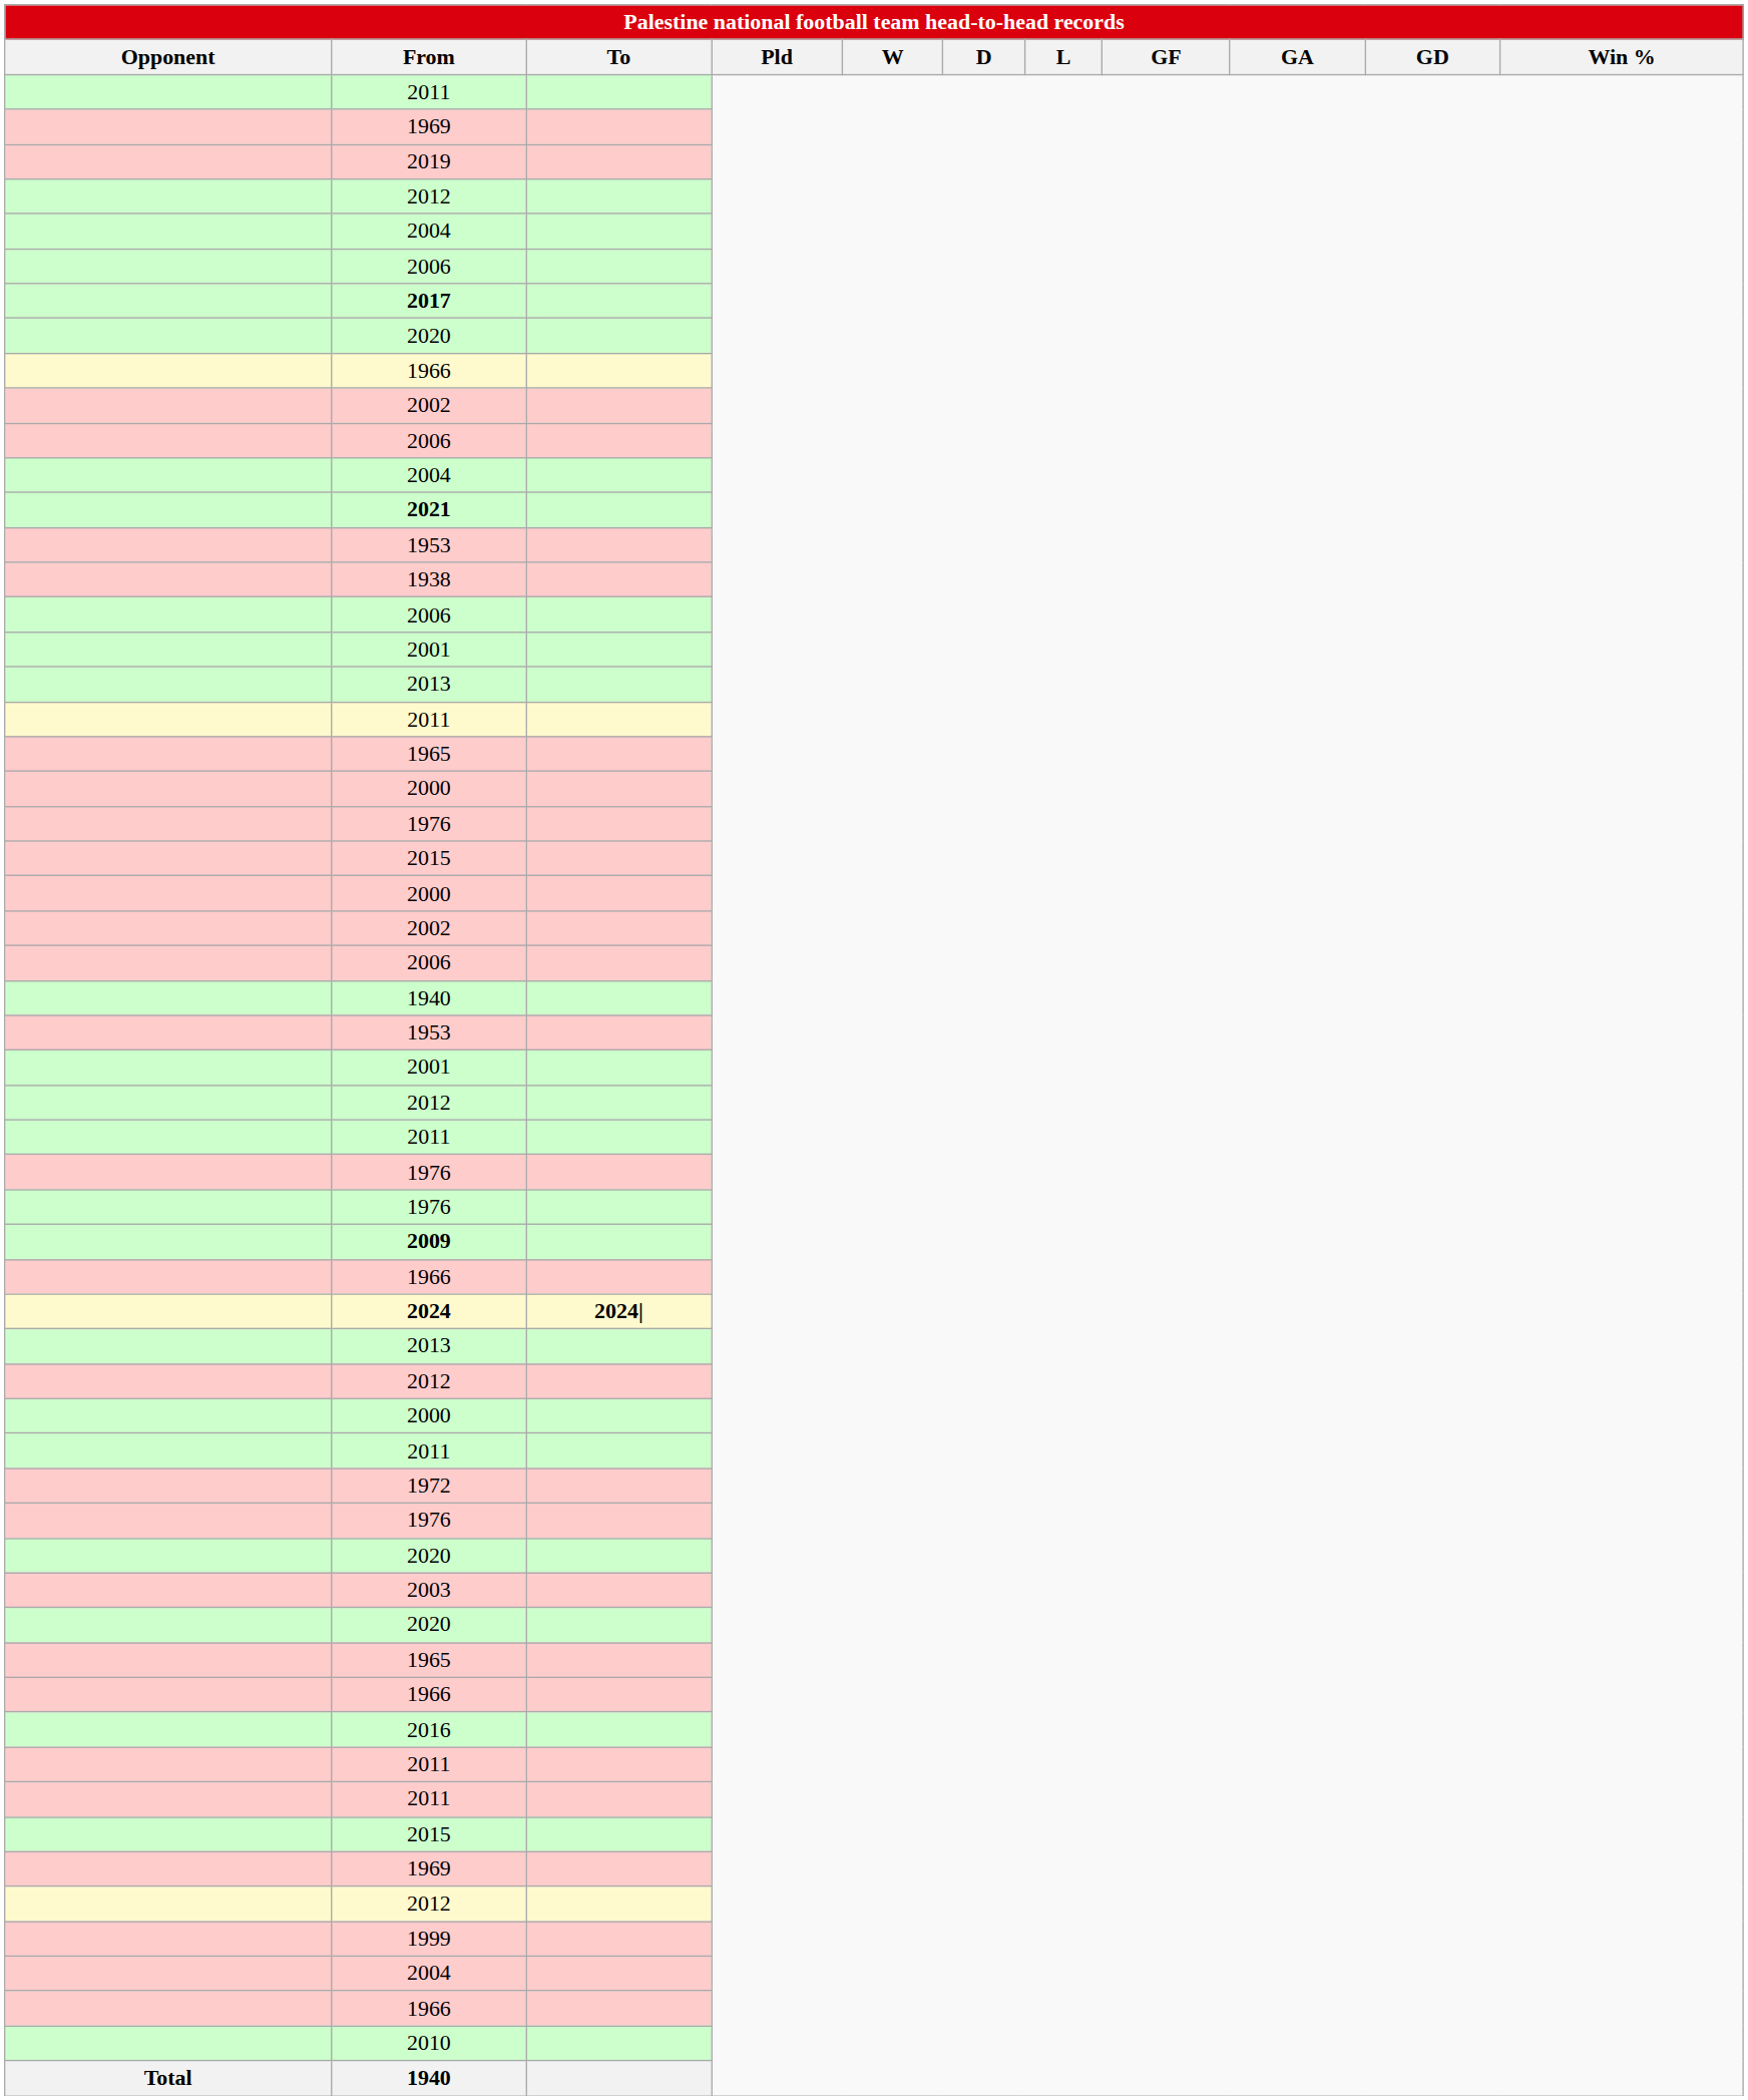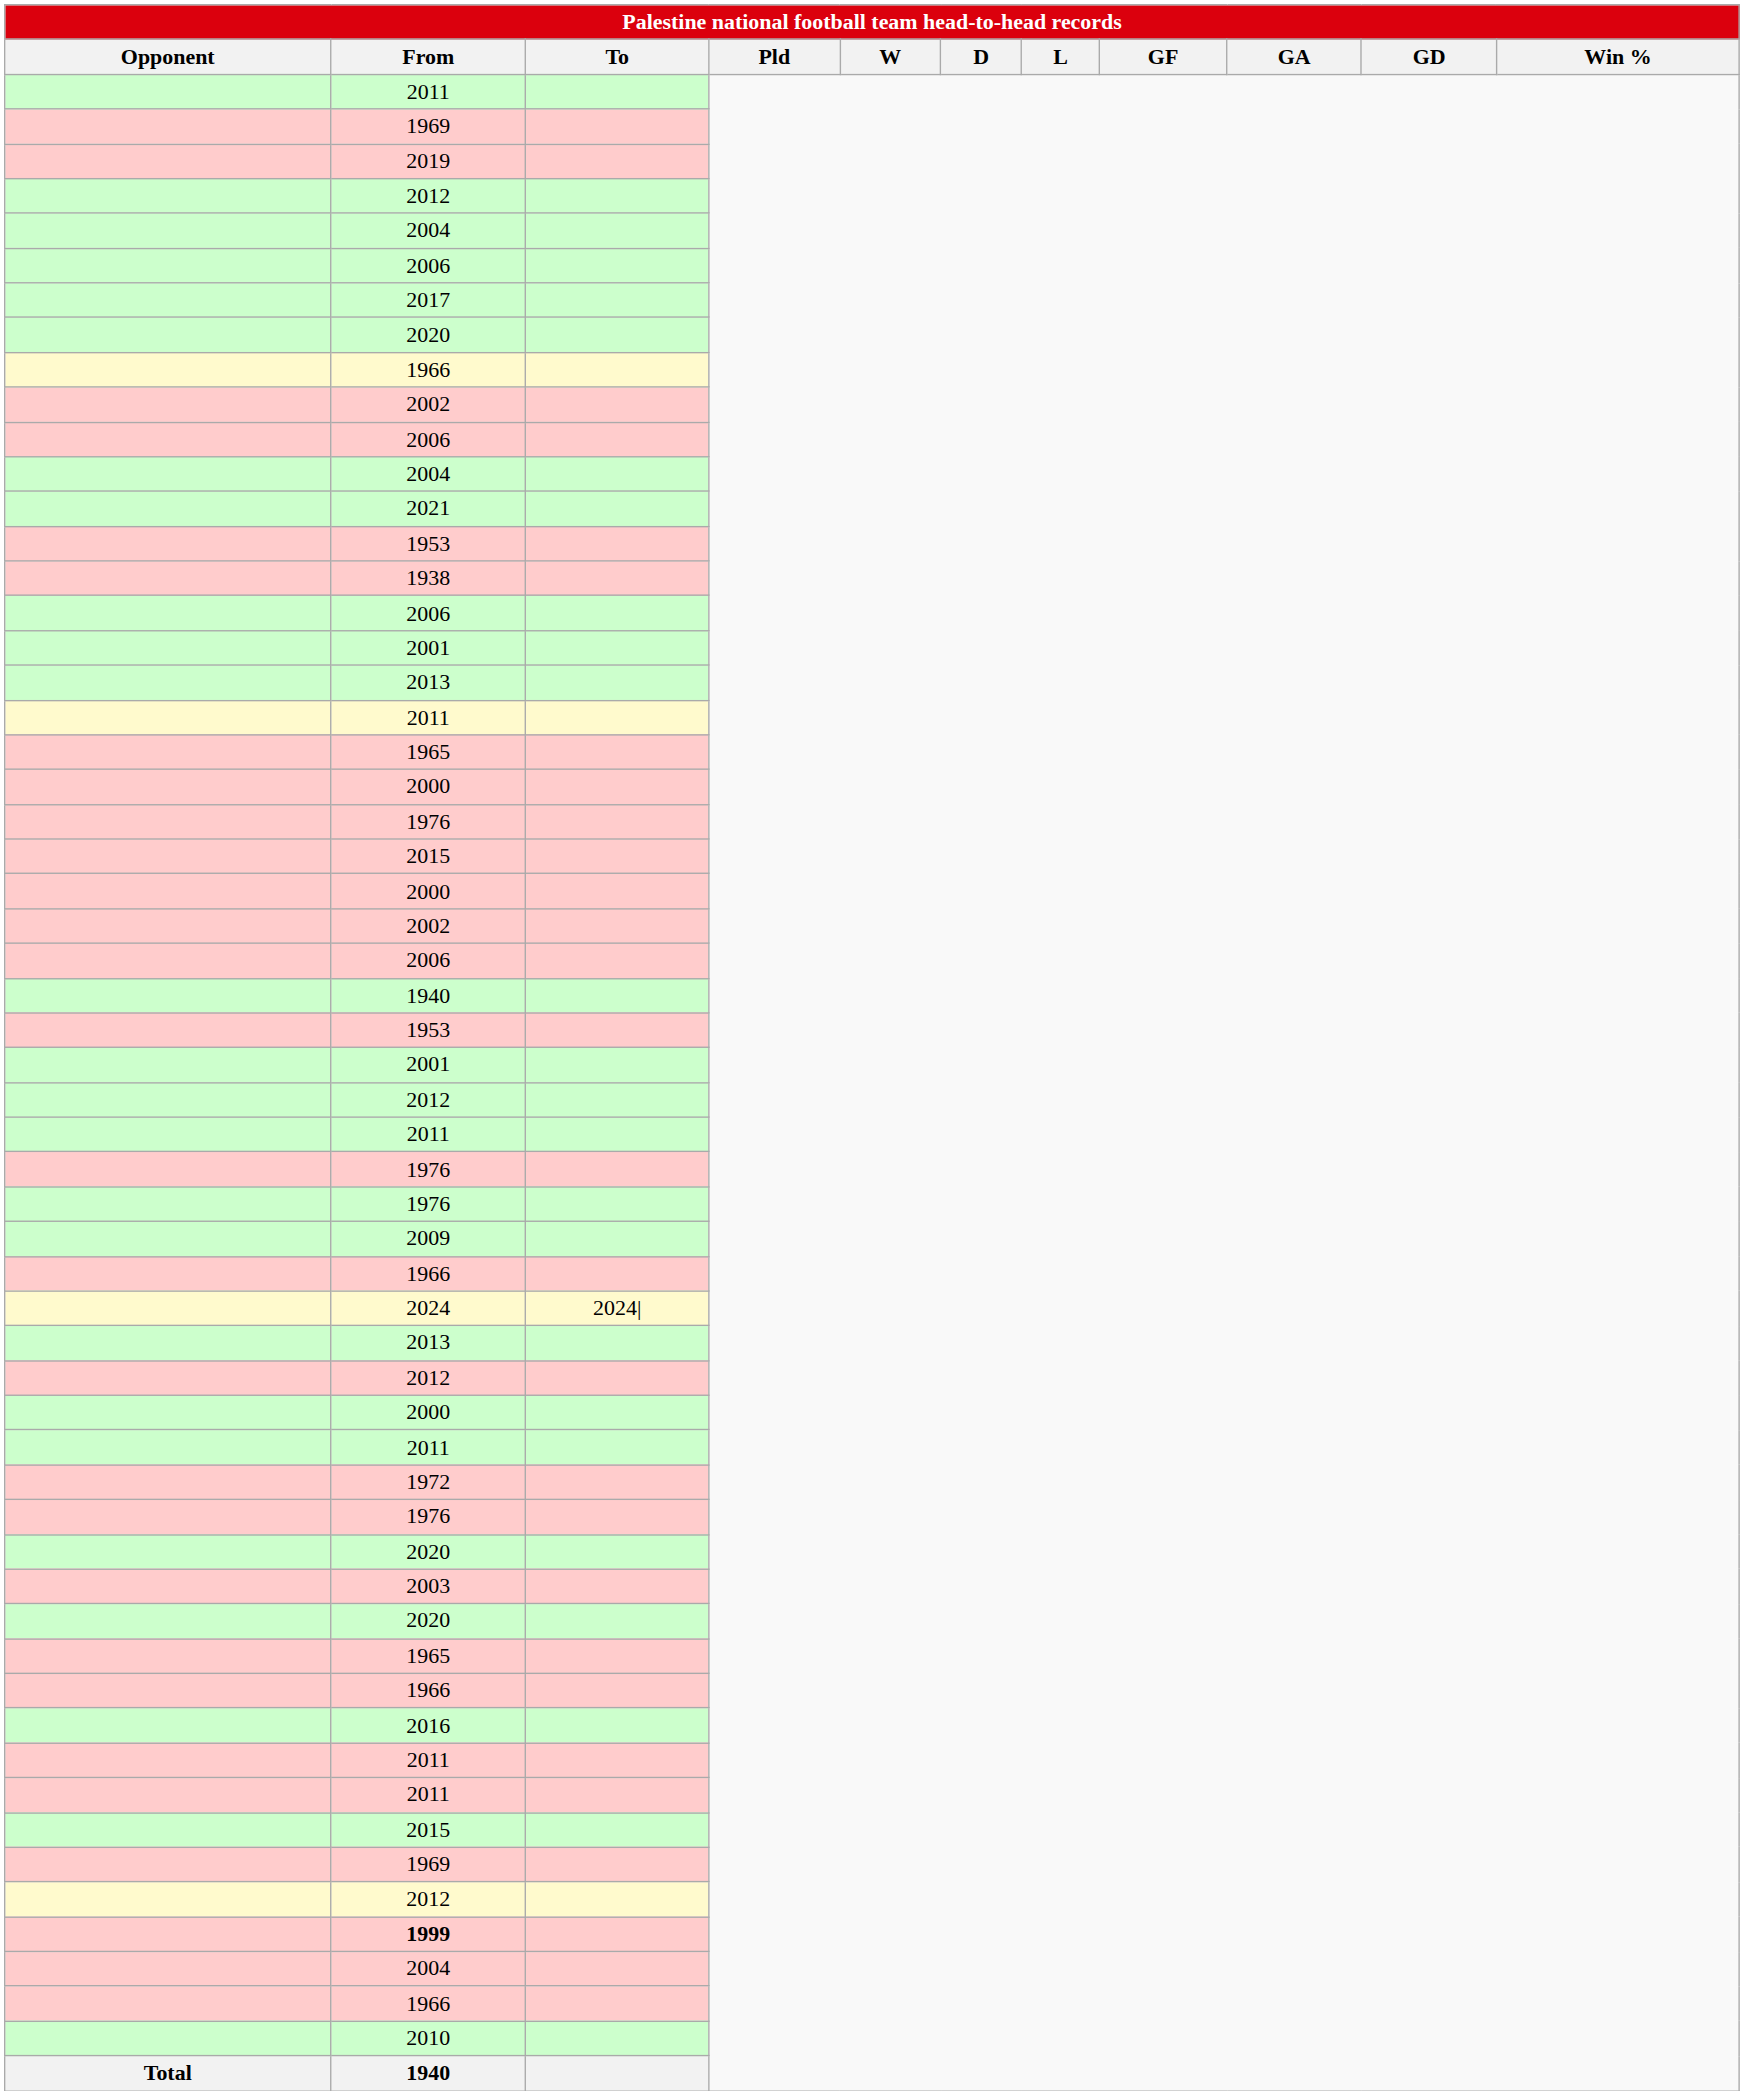 <table class="wikitable sortable " style="text-align:center;  width:80%">
 <tr>
 <th colspan="11" style="background:#db000d; color:#FFFFFF;">Palestine national football team head-to-head records</th>
 </tr>
 <tr>
 <th>Opponent</th>
 <th>From</th>
 <th>To</th>
 <th>Pld</th>
 <th>W</th>
 <th>D</th>
 <th>L</th>
 <th>GF</th>
 <th>GA</th>
 <th>GD</th>
 <th>Win %</th>
 </tr>
 <tr bgcolor=CCFFCC>
 <td align="left"></td>
 <td>2011</td>
 <td 2018></td>
 </tr>
 <tr bgcolor=FFCCCC>
 <td align="left"></td>
 <td>1969</td>
 <td 2005></td>
 </tr>
 <tr bgcolor=FFCCCC>
 <td align="left"></td>
 <td>2019</td>
 <td 2023></td>
 </tr>
 <tr bgcolor=CCFFCC>
 <td align="left"></td>
 <td>2012</td>
 <td 2012></td>
 </tr>
 <tr bgcolor=CCFFCC>
 <td align="left"></td>
 <td>2004</td>
 <td 2023></td>
 </tr>
 <tr bgcolor=CCFFCC>
 <td align="left"></td>
 <td>2006</td>
 <td 2024></td>
 </tr>
 <tr bgcolor=CCFFCC>
 <td align="left"></td>
-<td><strong>2017</strong></td>
+<td>2017</td>
 <td 2017></td>
 </tr>
 <tr bgcolor=CCFFCC>
 <td align="left"></td>
 <td>2020</td>
 <td 2020></td>
 </tr>
 <tr bgcolor=FFFACD>
 <td align="left"></td>
 <td>1966</td>
 <td 2006></td>
 </tr>
 <tr bgcolor=FFCCCC>
 <td align="left"></td>
 <td>2002</td>
 <td 2002></td>
 </tr>
 <tr bgcolor=FFCCCC>
 <td align="left"></td>
 <td>2006</td>
 <td 2023></td>
 </tr>
 <tr bgcolor=CCFFCC>
 <td align="left"></td>
 <td>2004</td>
 <td 2014></td>
 </tr>
 <tr bgcolor=CCFFCC>
 <td align="left"></td>
-<td><strong>2021</strong></td>
+<td>2021</td>
 <td 2021></td>
 </tr>
 <tr bgcolor=FFCCCC>
 <td align="left"></td>
 <td>1953</td>
 <td 1973></td>
 </tr>
 <tr bgcolor=FFCCCC>
 <td align="left"></td>
 <td>1938</td>
 <td 1938></td>
 </tr>
 <tr bgcolor=CCFFCC>
 <td align="left"></td>
 <td>2006</td>
 <td 2006></td>
 </tr>
 <tr bgcolor=CCFFCC>
 <td align="left"></td>
 <td>2001</td>
 <td 2024></td>
 </tr>
 <tr bgcolor=CCFFCC>
 <td align="left"></td>
 <td>2013</td>
 <td 2014></td>
 </tr>
 <tr bgcolor=FFFACD>
 <td align="left"></td>
 <td>2011</td>
 <td 2023></td>
 </tr>
 <tr bgcolor=FFCCCC>
 <td align="left"></td>
 <td>1965</td>
 <td 2025></td>
 </tr>
 <tr bgcolor=FFCCCC>
 <td align="left"></td>
 <td>2000</td>
 <td 2024></td>
 </tr>
 <tr bgcolor=FFCCCC>
 <td align="left"></td>
 <td>1976</td>
 <td 2025></td>
 </tr>
 <tr bgcolor=FFCCCC>
 <td align="left"></td>
 <td>2015</td>
 <td 2015></td>
 </tr>
 <tr bgcolor=FFCCCC>
 <td align="left"></td>
 <td>2000</td>
 <td 2000></td>
 </tr>
 <tr bgcolor=FFCCCC>
 <td align="left"></td>
 <td>2002</td>
 <td 2024></td>
 </tr>
 <tr bgcolor=FFCCCC>
 <td align="left"></td>
 <td>2006</td>
 <td 2021></td>
 </tr>
 <tr bgcolor=CCFFCC>
 <td align="left"></td>
 <td>1940</td>
 <td 2024></td>
 </tr>
 <tr bgcolor=FFCCCC>
 <td align="left"></td>
 <td>1953</td>
 <td 2011></td>
 </tr>
 <tr bgcolor=CCFFCC>
 <td align="left"></td>
 <td>2001</td>
 <td 2015></td>
 </tr>
 <tr bgcolor=CCFFCC>
 <td align="left"></td>
 <td>2012</td>
 <td 2017></td>
 </tr>
 <tr bgcolor=CCFFCC>
 <td align="left"></td>
 <td>2011</td>
 <td 2014></td>
 </tr>
 <tr bgcolor=FFCCCC>
 <td align="left"></td>
 <td>1976</td>
 <td 2021></td>
 </tr>
 <tr bgcolor=CCFFCC>
 <td align="left"></td>
 <td>1976</td>
 <td 2010></td>
 </tr>
 <tr bgcolor=CCFFCC>
 <td align="left"></td>
-<td><strong>2009</strong></td>
+<td>2009</td>
 <td 2018></td>
 </tr>
 <tr bgcolor=FFCCCC>
 <td align="left"></td>
 <td>1966</td>
 <td 2012></td>
 </tr>
 <tr bgcolor=FFFACD>
 <td align="left"></td>
-<td><strong>2024</strong></td>
-<td 2024><strong>2024|</strong></td>
+<td>2024</td>
+<td 2024>2024|</td>
 </tr>
 <tr bgcolor=CCFFCC>
 <td align="left"></td>
 <td>2013</td>
 <td 2013></td>
 </tr>
 <tr bgcolor=FFCCCC>
 <td align="left"></td>
 <td>2012</td>
 <td 2024></td>
 </tr>
 <tr bgcolor=CCFFCC>
 <td align="left"></td>
 <td>2000</td>
 <td 2018></td>
 </tr>
 <tr bgcolor=CCFFCC>
 <td align="left"></td>
 <td>2011</td>
 <td 2022></td>
 </tr>
 <tr bgcolor=FFCCCC>
 <td align="left"></td>
 <td>1972</td>
 <td 2018></td>
 </tr>
 <tr bgcolor=FFCCCC>
 <td align="left"></td>
 <td>1976</td>
 <td 2021></td>
 </tr>
 <tr bgcolor=CCFFCC>
 <td align="left"></td>
 <td>2020</td>
 <td 2020></td>
 </tr>
 <tr bgcolor=FFCCCC>
 <td align="left"></td>
 <td>2003</td>
 <td 2021></td>
 </tr>
 <tr bgcolor=CCFFCC>
 <td align="left"></td>
 <td>2020</td>
 <td 2020></td>
 </tr>
 <tr bgcolor=FFCCCC>
 <td align="left"></td>
 <td>1965</td>
 <td 2010></td>
 </tr>
 <tr bgcolor=FFCCCC>
 <td align="left"></td>
 <td>1966</td>
 <td 2019></td>
 </tr>
 <tr bgcolor=CCFFCC>
 <td align="left"></td>
 <td>2016</td>
 <td 2018></td>
 </tr>
 <tr bgcolor=FFCCCC>
 <td align="left"></td>
 <td>2011</td>
 <td 2011></td>
 </tr>
 <tr bgcolor=FFCCCC>
 <td align="left"></td>
 <td>2011</td>
 <td 2011></td>
 </tr>
 <tr bgcolor=CCFFCC>
 <td align="left"></td>
 <td>2015</td>
 <td 2016></td>
 </tr>
 <tr bgcolor=FFCCCC>
 <td align="left"></td>
 <td>1969</td>
 <td 1973></td>
 </tr>
 <tr bgcolor=FFFACD>
 <td align="left"></td>
 <td>2012</td>
 <td 2012></td>
 </tr>
 <tr bgcolor=FFCCCC>
 <td align="left"></td>
-<td>1999</td>
+<td><strong>1999</strong></td>
 <td 2024></td>
 </tr>
 <tr bgcolor=FFCCCC>
 <td align="left"></td>
 <td>2004</td>
 <td 2023></td>
 </tr>
 <tr bgcolor=FFCCCC>
 <td align="left"></td>
 <td>1966</td>
 <td 2023></td>
 </tr>
 <tr bgcolor=CCFFCC>
 <td align="left"></td>
 <td>2010</td>
 <td 2022></td>
 </tr>
 <tr class="sortbottom">
 <th>Total</th>
 <th>1940</th>
 <th 2025></th>
 </tr>
 </table>
